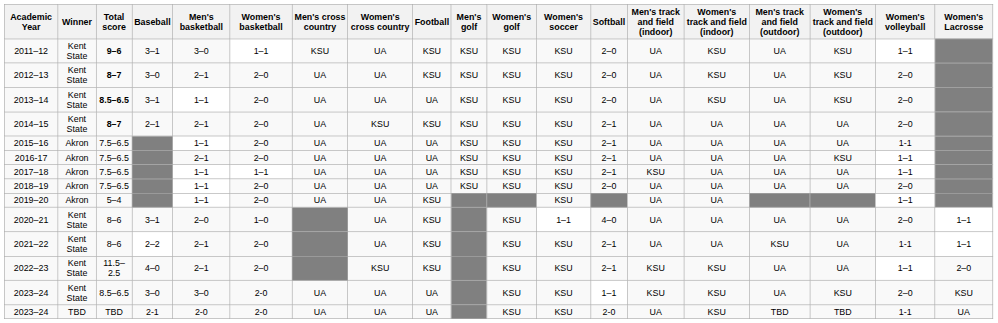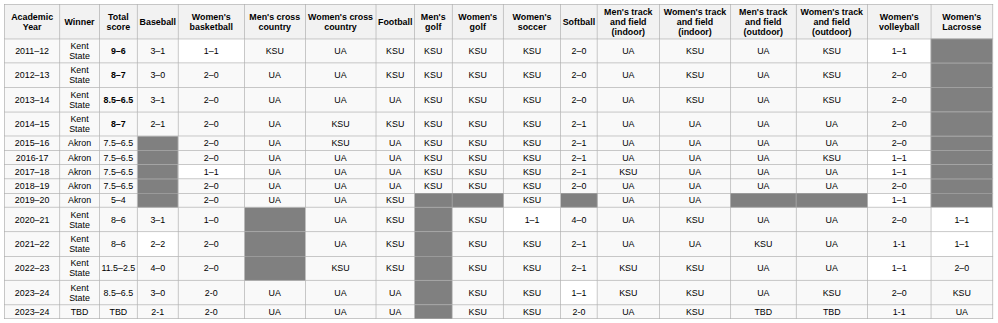 <table class="wikitable" style="text-align:center; font-size:88%;">
 <tr>
 <th>Academic Year</th>
 <th>Winner</th>
 <th>Total score</th>
 <th>Baseball</th>
-<th>Men's basketball</th>
 <th>Women's basketball</th>
 <th>Men's cross country</th>
 <th>Women's cross country</th>
 <th>Football</th>
 <th>Men's golf</th>
 <th>Women's golf</th>
 <th>Women's soccer</th>
 <th>Softball</th>
 <th>Men's track and field<br>(indoor)</th>
 <th>Women's track and field<br>(indoor)</th>
 <th>Men's track and field<br>(outdoor)</th>
 <th>Women's track and field<br>(outdoor)</th>
 <th>Women's volleyball</th>
 <th>Women's Lacrosse</th>
 </tr>
 <tr>
 <td>2011–12</td>
 <td>Kent State</td>
 <td><strong>9–6</strong></td>
 <td>3–1</td>
-<td>3–0</td>
 <td style="background: white">1–1</td>
 <td>KSU</td>
 <td>UA</td>
 <td>KSU</td>
 <td>KSU</td>
 <td>KSU</td>
 <td>KSU</td>
 <td>2–0</td>
 <td>UA</td>
 <td>KSU</td>
 <td>UA</td>
 <td>KSU</td>
 <td style="background: white">1–1</td>
 <td style="background:grey"></td>
 </tr>
 <tr>
 <td>2012–13</td>
 <td>Kent State</td>
 <td><strong>8–7</strong></td>
 <td>3–0</td>
-<td>2–1</td>
 <td>2–0</td>
 <td>UA</td>
 <td>UA</td>
 <td>KSU</td>
 <td>KSU</td>
 <td>KSU</td>
 <td>KSU</td>
 <td>2–0</td>
 <td>UA</td>
 <td>KSU</td>
 <td>UA</td>
 <td>KSU</td>
 <td>2–0</td>
 <td style="background:grey"></td>
 </tr>
 <tr>
 <td>2013–14</td>
 <td>Kent State</td>
 <td><strong>8.5–6.5</strong></td>
 <td>3–1</td>
-<td style="background:white">1–1</td>
 <td>2–0</td>
 <td>UA</td>
 <td>UA</td>
 <td>UA</td>
 <td>KSU</td>
 <td>KSU</td>
 <td>KSU</td>
 <td>2–0</td>
 <td>UA</td>
 <td>KSU</td>
 <td>UA</td>
 <td>KSU</td>
 <td>2–0</td>
 <td style="background:grey"></td>
 </tr>
 <tr>
 <td>2014–15</td>
 <td>Kent State</td>
 <td><strong>8–7</strong></td>
-<td>2–1</td>
 <td>2–1</td>
 <td>2–0</td>
 <td>UA</td>
 <td>KSU</td>
 <td>KSU</td>
 <td>KSU</td>
 <td>KSU</td>
 <td>KSU</td>
 <td>2–1</td>
 <td>UA</td>
 <td>UA</td>
 <td>UA</td>
 <td>UA</td>
 <td>2–0</td>
 <td style="background:grey"></td>
 </tr>
 <tr>
 <td>2015–16</td>
 <td>Akron</td>
 <td>7.5–6.5</td>
 <td style="background:grey"></td>
-<td style="background: white">1–1</td>
 <td>2–0</td>
 <td>UA</td>
-<td>UA</td>
+<td>KSU</td>
 <td>UA</td>
 <td>KSU</td>
 <td>KSU</td>
 <td>KSU</td>
 <td>2–1</td>
 <td>UA</td>
 <td>UA</td>
 <td>UA</td>
 <td>UA</td>
-<td>1-1</td>
+<td>2–0</td>
 <td style="background:grey"></td>
 </tr>
 <tr>
 <td>2016-17</td>
 <td>Akron</td>
 <td>7.5–6.5</td>
 <td style="background:grey"></td>
-<td>2–1</td>
 <td>2–0</td>
 <td>UA</td>
 <td>UA</td>
 <td>UA</td>
 <td>KSU</td>
 <td>KSU</td>
 <td>KSU</td>
 <td>2–1</td>
 <td>UA</td>
 <td>UA</td>
 <td>UA</td>
 <td>KSU</td>
 <td style="background: white">1–1</td>
 <td style="background:grey"></td>
 </tr>
 <tr>
 <td>2017–18</td>
 <td>Akron</td>
 <td>7.5–6.5</td>
 <td style="background:grey"></td>
 <td style="background:white">1–1</td>
-<td style="background:white">1–1</td>
 <td>UA</td>
 <td>UA</td>
 <td>UA</td>
 <td>KSU</td>
 <td>KSU</td>
 <td>KSU</td>
 <td>2–1</td>
 <td>KSU</td>
 <td>UA</td>
 <td>UA</td>
 <td>UA</td>
 <td style="background:white">1–1</td>
 <td style="background:grey"></td>
 </tr>
 <tr>
 <td>2018–19</td>
 <td>Akron</td>
 <td>7.5–6.5</td>
 <td style="background:grey"></td>
-<td style="background:white">1–1</td>
 <td>2–0</td>
 <td>UA</td>
 <td>UA</td>
 <td>UA</td>
 <td>KSU</td>
 <td>KSU</td>
 <td>KSU</td>
 <td>2–0</td>
 <td>UA</td>
 <td>UA</td>
 <td>UA</td>
 <td>UA</td>
 <td>2–0</td>
 <td style="background:grey"></td>
 </tr>
 <tr>
 <td>2019–20</td>
 <td>Akron</td>
 <td>5–4</td>
 <td style="background:grey"></td>
-<td style="background:white">1–1</td>
 <td>2–0</td>
 <td>UA</td>
 <td>UA</td>
 <td>KSU</td>
 <td style="background:grey"></td>
 <td style="background:grey"></td>
 <td>KSU</td>
 <td style="background:grey"></td>
 <td>UA</td>
 <td>UA</td>
 <td style="background:grey"></td>
 <td style="background:grey"></td>
 <td style="background:white">1–1</td>
 <td style="background:grey"></td>
 </tr>
 <tr>
 <td>2020–21</td>
 <td>Kent State</td>
 <td>8–6</td>
 <td>3–1</td>
-<td>2–0</td>
 <td>1–0</td>
 <td style="background:grey"></td>
 <td>UA</td>
 <td>KSU</td>
 <td style="background:grey"></td>
 <td>KSU</td>
 <td style="background:white">1–1</td>
 <td>4–0</td>
 <td>UA</td>
-<td>UA</td>
+<td>KSU</td>
 <td>UA</td>
 <td>UA</td>
 <td>2–0</td>
 <td style="background:white">1–1</td>
 </tr>
 <tr>
 <td>2021–22</td>
 <td>Kent State</td>
 <td>8–6</td>
 <td style="background:white">2–2</td>
-<td>2–1</td>
 <td>2–0</td>
 <td style="background:grey"></td>
 <td>UA</td>
 <td>KSU</td>
 <td style="background:grey"></td>
 <td>KSU</td>
 <td>KSU</td>
 <td>2–1</td>
 <td>UA</td>
 <td>UA</td>
 <td>KSU</td>
 <td>UA</td>
 <td>1-1</td>
 <td style="background:white">1–1</td>
 </tr>
 <tr>
 <td>2022–23</td>
 <td>Kent State</td>
 <td>11.5–2.5</td>
 <td>4–0</td>
-<td>2–1</td>
 <td>2–0</td>
 <td style="background:grey"></td>
 <td>KSU</td>
 <td>KSU</td>
 <td style="background:grey"></td>
 <td>KSU</td>
 <td>KSU</td>
 <td>2–1</td>
 <td>KSU</td>
 <td>KSU</td>
 <td>UA</td>
 <td>UA</td>
 <td style="background:white">1–1</td>
 <td>2–0</td>
 </tr>
 <tr>
 <td>2023–24</td>
 <td>Kent State</td>
 <td>8.5–6.5</td>
-<td>3–0</td>
 <td>3–0</td>
 <td>2-0</td>
 <td>UA</td>
 <td>UA</td>
 <td>UA</td>
 <td style="background:grey"></td>
 <td>KSU</td>
 <td>KSU</td>
 <td style="background:white">1–1</td>
 <td>KSU</td>
 <td>KSU</td>
 <td>UA</td>
 <td>KSU</td>
 <td>2–0</td>
 <td>KSU</td>
 </tr>
 <tr>
 <td>2023–24</td>
 <td>TBD</td>
 <td>TBD</td>
 <td>2-1</td>
 <td>2-0</td>
-<td>2-0</td>
 <td>UA</td>
 <td>UA</td>
 <td>UA</td>
 <td style="background:grey"></td>
 <td>KSU</td>
 <td>KSU</td>
 <td>2-0</td>
 <td>UA</td>
 <td>KSU</td>
 <td>TBD</td>
 <td>TBD</td>
 <td>1-1</td>
 <td>UA</td>
 </tr>
 </table>
